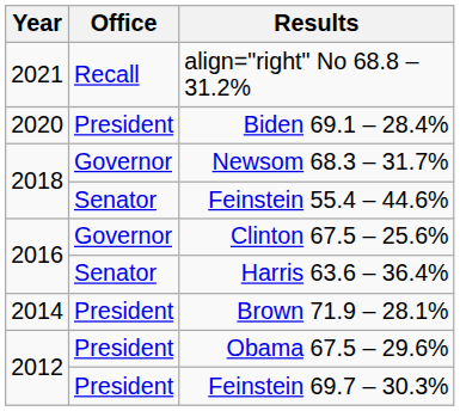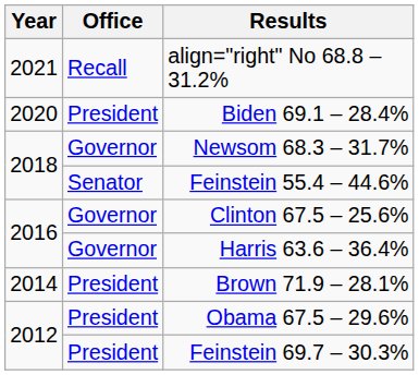 <table class=wikitable>
 <tr>
 <th width="30">Year</th>
 <th width="60">Office</th>
 <th width="180">Results</th>
 </tr>
 <tr>
 <td>2021</td>
 <td><a href='#'>Recall</a></td>
 <td>align="right"  No 68.8 – 31.2%</td>
 </tr>
 <tr>
 <td>2020</td>
 <td><a href='#'>President</a></td>
 <td align="right" ><a href='#'>Biden</a> 69.1 – 28.4%</td>
 </tr>
 <tr>
 <td rowspan="2">2018</td>
 <td><a href='#'>Governor</a></td>
 <td align="right" ><a href='#'>Newsom</a> 68.3 – 31.7%</td>
 </tr>
 <tr>
 <td><a href='#'>Senator</a></td>
 <td align="right" ><a href='#'>Feinstein</a> 55.4 – 44.6%</td>
 </tr>
 <tr>
 <td rowspan="2">2016</td>
 <td><a href='#'>Governor</a></td>
 <td align="right" ><a href='#'>Clinton</a> 67.5 – 25.6%</td>
 </tr>
 <tr>
-<td><a href='#'>Senator</a></td>
+<td><a href='#'>Governor</a></td>
 <td align="right" ><a href='#'>Harris</a> 63.6 – 36.4%</td>
 </tr>
 <tr>
 <td>2014</td>
 <td><a href='#'>President</a></td>
 <td align="right" ><a href='#'>Brown</a> 71.9 – 28.1%</td>
 </tr>
 <tr>
 <td rowspan="2">2012</td>
 <td><a href='#'>President</a></td>
 <td align="right" ><a href='#'>Obama</a> 67.5 – 29.6%</td>
 </tr>
 <tr>
 <td><a href='#'>President</a></td>
 <td align="right" ><a href='#'>Feinstein</a> 69.7 – 30.3%</td>
 </tr>
 </table>
